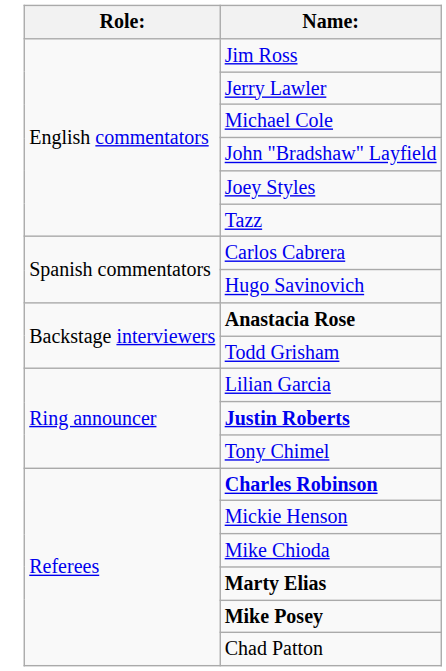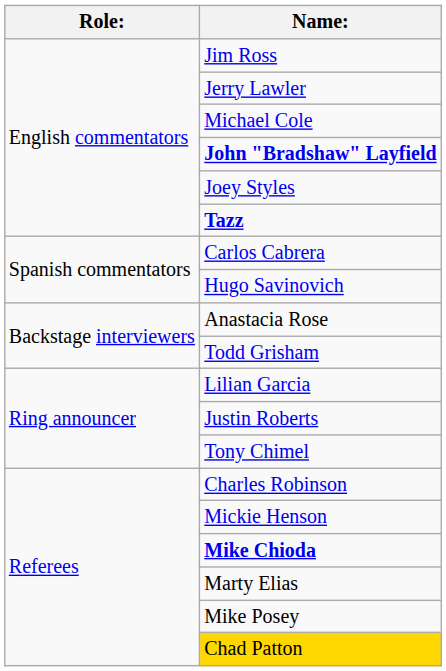 <table class=wikitable style="font-size:90%; margin: 0.5em 0 0.5em 1em; float: right; clear: right;">
 <tr>
 <th>Role:</th>
 <th>Name:</th>
 </tr>
 <tr>
 <td rowspan=6>English <a href='#'>commentators</a></td>
 <td><a href='#'>Jim Ross</a> </td>
 </tr>
 <tr>
 <td><a href='#'>Jerry Lawler</a> </td>
 </tr>
 <tr>
 <td><a href='#'>Michael Cole</a> </td>
 </tr>
 <tr>
-<td><a href='#'>John "Bradshaw" Layfield</a> </td>
+<td><strong><a href='#'>John "Bradshaw" Layfield</a> </strong></td>
 </tr>
 <tr>
 <td><a href='#'>Joey Styles</a> </td>
 </tr>
 <tr>
-<td><a href='#'>Tazz</a> </td>
+<td><strong><a href='#'>Tazz</a> </strong></td>
 </tr>
 <tr>
 <td rowspan=2>Spanish commentators</td>
 <td><a href='#'>Carlos Cabrera</a></td>
 </tr>
 <tr>
 <td><a href='#'>Hugo Savinovich</a></td>
 </tr>
 <tr>
 <td rowspan=2>Backstage <a href='#'>interviewers</a></td>
-<td><strong>Anastacia Rose</strong></td>
+<td>Anastacia Rose</td>
 </tr>
 <tr>
 <td><a href='#'>Todd Grisham</a></td>
 </tr>
 <tr>
 <td rowspan=3><a href='#'>Ring announcer</a></td>
 <td><a href='#'>Lilian Garcia</a> </td>
 </tr>
 <tr>
-<td><strong><a href='#'>Justin Roberts</a> </strong></td>
+<td><a href='#'>Justin Roberts</a> </td>
 </tr>
 <tr>
 <td><a href='#'>Tony Chimel</a> </td>
 </tr>
 <tr>
 <td rowspan=6><a href='#'>Referees</a></td>
-<td><strong><a href='#'>Charles Robinson</a></strong></td>
+<td><a href='#'>Charles Robinson</a></td>
 </tr>
 <tr>
 <td><a href='#'>Mickie Henson</a></td>
 </tr>
 <tr>
-<td><a href='#'>Mike Chioda</a></td>
+<td><strong><a href='#'>Mike Chioda</a></strong></td>
 </tr>
 <tr>
-<td><strong>Marty Elias</strong></td>
+<td>Marty Elias</td>
 </tr>
 <tr>
-<td><strong>Mike Posey</strong></td>
+<td>Mike Posey</td>
 </tr>
 <tr>
-<td>Chad Patton</td>
+<td style="background: gold;">Chad Patton</td>
 </tr>
 </table>
